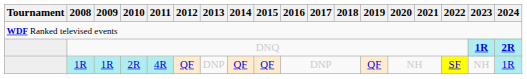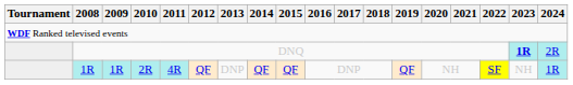 <table class="wikitable" style="width:20%; margin:0">
 <tr>
 <th>Tournament</th>
 <th>2008</th>
 <th>2009</th>
 <th>2010</th>
 <th>2011</th>
 <th>2012</th>
 <th>2013</th>
 <th>2014</th>
 <th>2015</th>
 <th>2016</th>
 <th>2017</th>
 <th>2018</th>
 <th>2019</th>
 <th>2020</th>
 <th>2021</th>
 <th>2022</th>
 <th>2023</th>
 <th>2024</th>
 </tr>
 <tr>
 <td colspan="18" style="text-align:left"><small><strong><a href='#'>WDF</a> </strong>Ranked televised events</small></td>
 </tr>
 <tr>
 <td style="background:#efefef;"></td>
 <td colspan="15" style="text-align:center; color:#ccc;">DNQ</td>
 <td style="text-align:center; background:#afeeee;"><strong><a href='#'>1R</a></strong></td>
-<td style="text-align:center; background:#afeeee;"><strong><a href='#'>2R</a></strong></td>
+<td style="text-align:center; background:#afeeee;"><a href='#'>2R</a></td>
 </tr>
 <tr>
 <td style="background:#efefef;"></td>
 <td style="text-align:center; background:#afeeee;"><a href='#'>1R</a></td>
 <td style="text-align:center; background:#afeeee;"><a href='#'>1R</a></td>
 <td style="text-align:center; background:#afeeee;"><a href='#'>2R</a></td>
 <td style="text-align:center; background:#afeeee;"><a href='#'>4R</a></td>
 <td style="text-align:center; background:#ffebcd;"><a href='#'>QF</a></td>
 <td style="text-align:center; color:#ccc;">DNP</td>
 <td style="text-align:center; background:#ffebcd;"><a href='#'>QF</a></td>
 <td style="text-align:center; background:#ffebcd;"><a href='#'>QF</a></td>
 <td colspan="3" style="text-align:center; color:#ccc;">DNP</td>
 <td style="text-align:center; background:#ffebcd;"><a href='#'>QF</a></td>
 <td colspan="2" style="text-align:center; color:#ccc;">NH</td>
 <td style="text-align:center; background:yellow;"><a href='#'>SF</a></td>
 <td style="text-align:center; color:#ccc;">NH</td>
 <td style="text-align:center; background:#afeeee;"><a href='#'>1R</a></td>
 </tr>
 </table>
